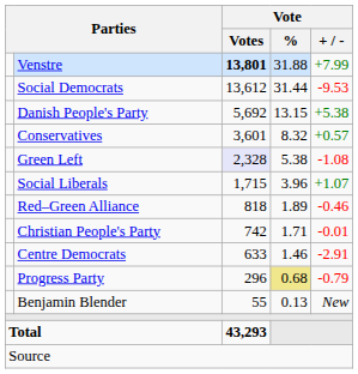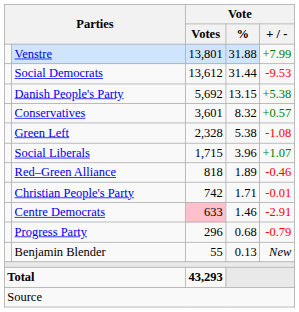 <table class="wikitable" style="text-align:right;">
 <tr>
 <th style="text-align:centre;" rowspan="2" colspan="2" width="225">Parties</th>
 <th colspan="3">Vote</th>
 </tr>
 <tr>
 <th width="15">Votes</th>
 <th width="15">%</th>
 <th width="15">+ / -</th>
 </tr>
 <tr>
 <td width="2" style="color:inherit;background:"></td>
 <td bgcolor=#cfe5fe  align="left"><a href='#'>Venstre</a></td>
-<td bgcolor=#cfe5fe><strong>13,801</strong></td>
+<td bgcolor=#cfe5fe>13,801</td>
 <td bgcolor=#cfe5fe>31.88</td>
 <td style=color:green;>+7.99</td>
 </tr>
 <tr>
 <td width="2" style="color:inherit;background:"></td>
 <td align="left"><a href='#'>Social Democrats</a></td>
 <td>13,612</td>
 <td>31.44</td>
 <td style=color:red;>-9.53</td>
 </tr>
 <tr>
 <td width="2" style="color:inherit;background:"></td>
 <td align="left"><a href='#'>Danish People's Party</a></td>
 <td>5,692</td>
 <td>13.15</td>
 <td style=color:green;>+5.38</td>
 </tr>
 <tr>
 <td width="2" style="color:inherit;background:"></td>
 <td align="left"><a href='#'>Conservatives</a></td>
 <td>3,601</td>
 <td>8.32</td>
 <td style=color:green;>+0.57</td>
 </tr>
 <tr>
 <td width="2" style="color:inherit;background:"></td>
 <td align="left"><a href='#'>Green Left</a></td>
-<td style="background: lavender;">2,328</td>
+<td>2,328</td>
 <td>5.38</td>
 <td style=color:red;>-1.08</td>
 </tr>
 <tr>
 <td width="2" style="color:inherit;background:"></td>
 <td align="left"><a href='#'>Social Liberals</a></td>
 <td>1,715</td>
 <td>3.96</td>
 <td style=color:green;>+1.07</td>
 </tr>
 <tr>
 <td width="2" style="color:inherit;background:"></td>
 <td align="left"><a href='#'>Red–Green Alliance</a></td>
 <td>818</td>
 <td>1.89</td>
 <td style=color:red;>-0.46</td>
 </tr>
 <tr>
 <td width="2" style="color:inherit;background:"></td>
 <td align="left"><a href='#'>Christian People's Party</a></td>
 <td>742</td>
 <td>1.71</td>
 <td style=color:red;>-0.01</td>
 </tr>
 <tr>
 <td width="2" style="color:inherit;background:"></td>
 <td align="left"><a href='#'>Centre Democrats</a></td>
-<td>633</td>
+<td style="background: pink;">633</td>
 <td>1.46</td>
 <td style=color:red;>-2.91</td>
 </tr>
 <tr>
 <td width="2" style="color:inherit;background:"></td>
 <td align="left"><a href='#'>Progress Party</a></td>
 <td>296</td>
-<td style="background: khaki;">0.68</td>
+<td>0.68</td>
 <td style=color:red;>-0.79</td>
 </tr>
 <tr>
 <td width="2" style="color:inherit;background:"></td>
 <td align="left">Benjamin Blender</td>
 <td>55</td>
 <td>0.13</td>
 <td><em>New</em></td>
 </tr>
 <tr>
 <td colspan="7" bgcolor="#E9E9E9"></td>
 </tr>
 <tr>
 <td align="left" colspan="2"><strong>Total</strong></td>
 <td><strong>43,293</strong></td>
 <td bgcolor="#E9E9E9" colspan="2"></td>
 </tr>
 <tr>
 <td align="left" colspan="6">Source</td>
 </tr>
 </table>
